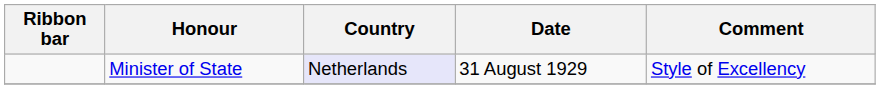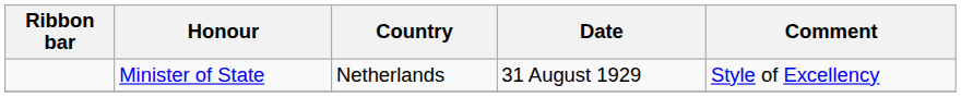 <table class="wikitable" style="width:60%;">
 <tr>
 <th style="width:80px;">Ribbon bar</th>
 <th>Honour</th>
 <th>Country</th>
 <th>Date</th>
 <th>Comment</th>
 </tr>
 <tr>
 <td></td>
 <td><a href='#'>Minister of State</a></td>
-<td style="background: lavender;">Netherlands</td>
+<td>Netherlands</td>
 <td>31 August 1929</td>
 <td><a href='#'>Style</a> of <a href='#'>Excellency</a></td>
 </tr>
 <tr>
 </tr>
 </table>
